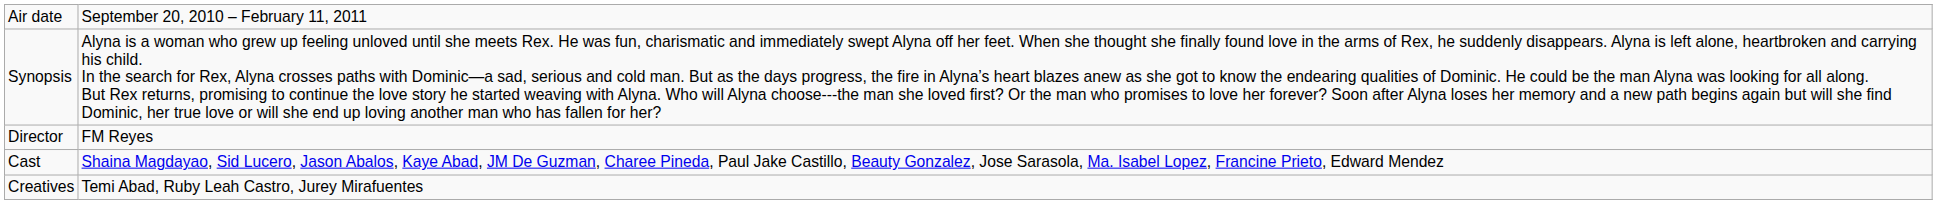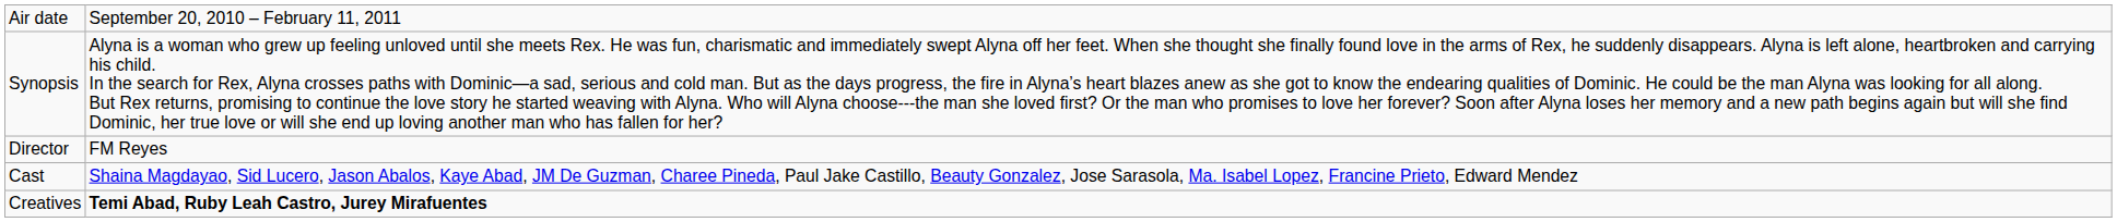 <table class="wikitable">
 <tr>
 <td>Air date</td>
 <td>September 20, 2010 – February 11, 2011</td>
 </tr>
 <tr>
 <td>Synopsis</td>
 <td>Alyna is a woman who grew up feeling unloved until she meets Rex. He was fun, charismatic and immediately swept Alyna off her feet. When she thought she finally found love in the arms of Rex, he suddenly disappears. Alyna is left alone, heartbroken and carrying his child.<br>In the search for Rex, Alyna crosses paths with Dominic—a sad, serious and cold man. But as the days progress, the fire in Alyna’s heart blazes anew as she got to know the endearing qualities of Dominic. He could be the man Alyna was looking for all along.<br>But Rex returns, promising to continue the love story he started weaving with Alyna. Who will Alyna choose---the man she loved first? Or the man who promises to love her forever? Soon after Alyna loses her memory and a new path begins again but will she find Dominic, her true love or will she end up loving another man who has fallen for her?</td>
 </tr>
 <tr>
 <td>Director</td>
 <td>FM Reyes</td>
 </tr>
 <tr>
 <td>Cast</td>
 <td><a href='#'>Shaina Magdayao</a>, <a href='#'>Sid Lucero</a>, <a href='#'>Jason Abalos</a>, <a href='#'>Kaye Abad</a>, <a href='#'>JM De Guzman</a>, <a href='#'>Charee Pineda</a>, Paul Jake Castillo, <a href='#'>Beauty Gonzalez</a>, Jose Sarasola, <a href='#'>Ma. Isabel Lopez</a>,  <a href='#'>Francine Prieto</a>, Edward Mendez</td>
 </tr>
 <tr>
 <td>Creatives</td>
-<td>Temi Abad, Ruby Leah Castro, Jurey Mirafuentes</td>
+<td><strong>Temi Abad, Ruby Leah Castro, Jurey Mirafuentes</strong></td>
 </tr>
 </table>
